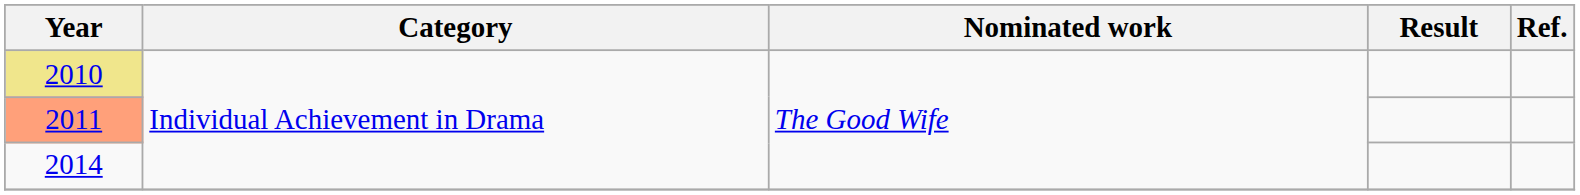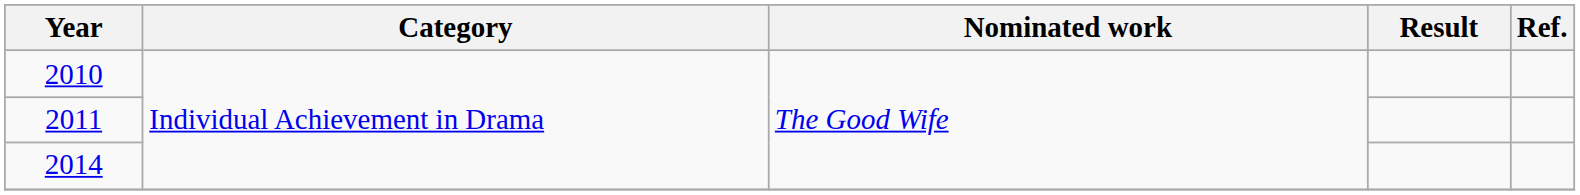 <table class=wikitable>
 <tr>
 <th scope="col" style="width:5em;">Year</th>
 <th scope="col" style="width:26em;">Category</th>
 <th scope="col" style="width:25em;">Nominated work</th>
 <th scope="col" style="width:5em;">Result</th>
 <th>Ref.</th>
 </tr>
 <tr>
-<td style="background: khaki; text-align:center;"><a href='#'>2010</a></td>
+<td style="text-align:center;"><a href='#'>2010</a></td>
 <td rowspan="3"><a href='#'>Individual Achievement in Drama</a></td>
 <td rowspan="3"><em><a href='#'>The Good Wife</a></em></td>
 <td></td>
 <td></td>
 </tr>
 <tr>
-<td style="background: lightsalmon; text-align:center;"><a href='#'>2011</a></td>
+<td style="text-align:center;"><a href='#'>2011</a></td>
 <td></td>
 <td></td>
 </tr>
 <tr>
 <td style="text-align:center;"><a href='#'>2014</a></td>
 <td></td>
 <td></td>
 </tr>
 <tr>
 </tr>
 </table>
